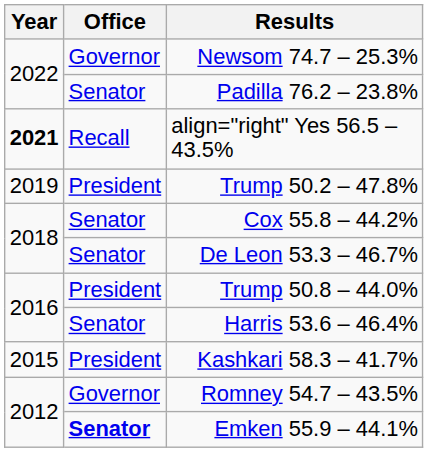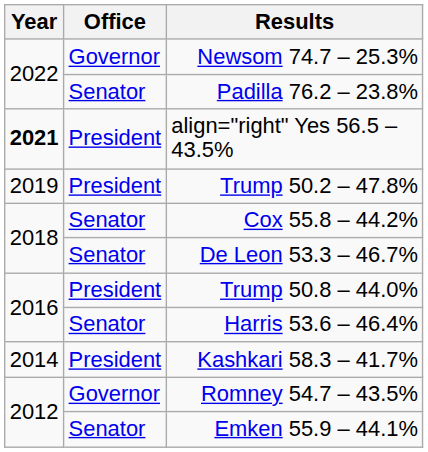 <table class=wikitable>
 <tr>
 <th width="30">Year</th>
 <th width="60">Office</th>
 <th width="180">Results</th>
 </tr>
 <tr>
 <td rowspan="2">2022</td>
 <td><a href='#'>Governor</a></td>
 <td align="right" ><a href='#'>Newsom</a> 74.7 – 25.3%</td>
 </tr>
 <tr>
 <td><a href='#'>Senator</a></td>
 <td align="right" ><a href='#'>Padilla</a> 76.2 – 23.8%</td>
 </tr>
 <tr>
 <td><strong>2021</strong></td>
-<td><a href='#'>Recall</a></td>
+<td><a href='#'>President</a></td>
 <td>align="right"  Yes 56.5 – 43.5%</td>
 </tr>
 <tr>
 <td>2019</td>
 <td><a href='#'>President</a></td>
 <td align="right" ><a href='#'>Trump</a> 50.2 – 47.8%</td>
 </tr>
 <tr>
 <td rowspan="2">2018</td>
 <td><a href='#'>Senator</a></td>
 <td align="right" ><a href='#'>Cox</a> 55.8 – 44.2%</td>
 </tr>
 <tr>
 <td><a href='#'>Senator</a></td>
 <td align="right" ><a href='#'>De Leon</a> 53.3 – 46.7%</td>
 </tr>
 <tr>
 <td rowspan="2">2016</td>
 <td><a href='#'>President</a></td>
 <td align="right" ><a href='#'>Trump</a> 50.8 – 44.0%</td>
 </tr>
 <tr>
 <td><a href='#'>Senator</a></td>
 <td align="right" ><a href='#'>Harris</a> 53.6 – 46.4%</td>
 </tr>
 <tr>
-<td>2015</td>
+<td>2014</td>
 <td><a href='#'>President</a></td>
 <td align="right" ><a href='#'>Kashkari</a> 58.3 – 41.7%</td>
 </tr>
 <tr>
 <td rowspan="2">2012</td>
 <td><a href='#'>Governor</a></td>
 <td align="right" ><a href='#'>Romney</a> 54.7 – 43.5%</td>
 </tr>
 <tr>
-<td><strong><a href='#'>Senator</a></strong></td>
+<td><a href='#'>Senator</a></td>
 <td align="right" ><a href='#'>Emken</a> 55.9 – 44.1%</td>
 </tr>
 </table>
